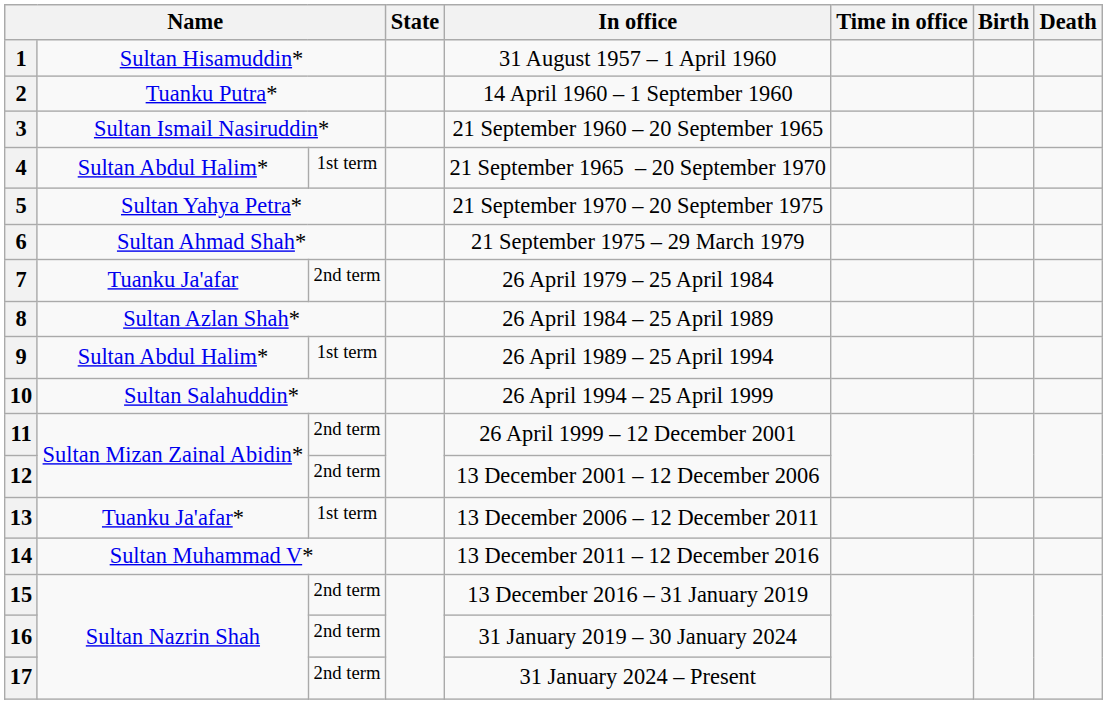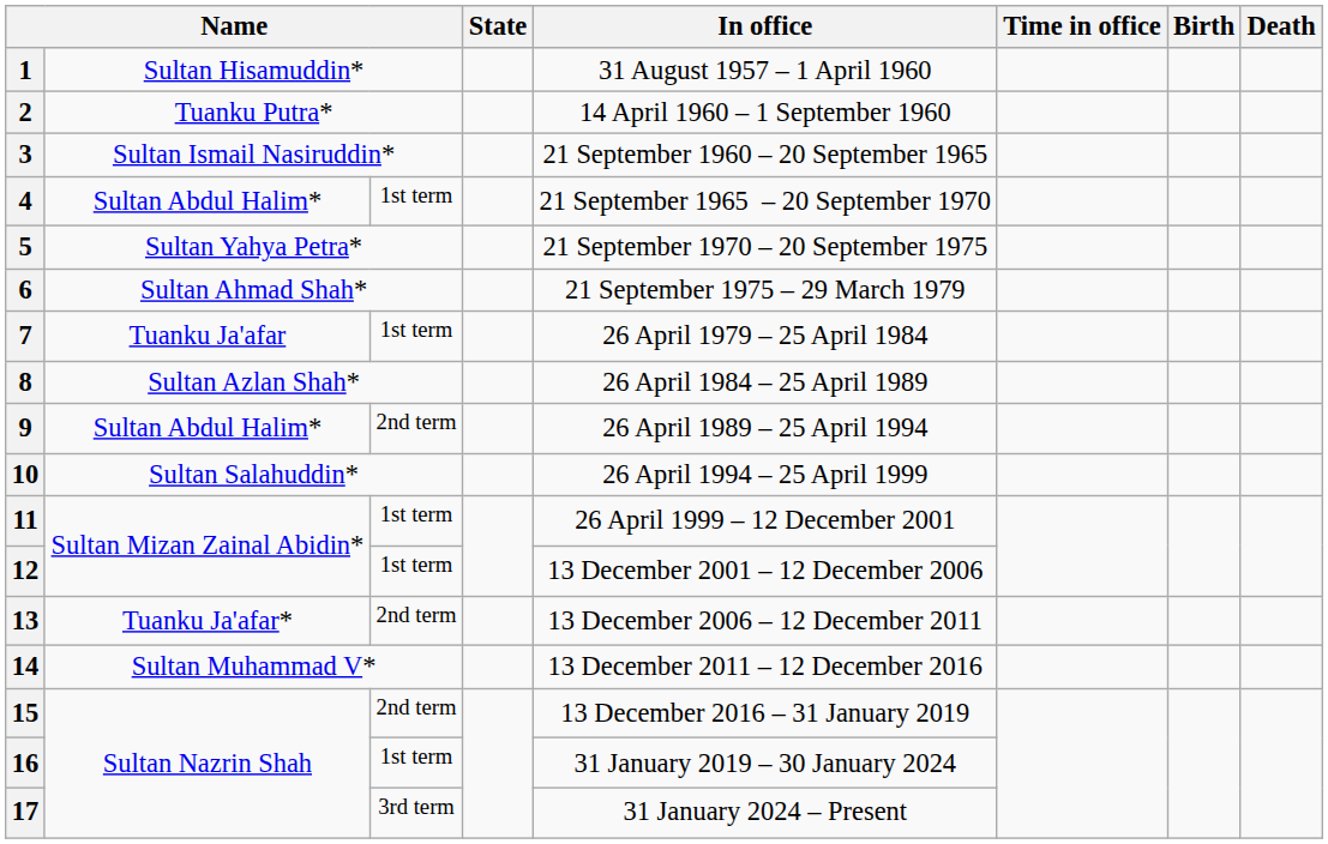 <table class="wikitable" style="text-align:center;">
 <tr style="background:#cccccc">
 <th colspan="3">Name</th>
 <th>State</th>
 <th>In office</th>
 <th>Time in office</th>
 <th>Birth</th>
 <th>Death</th>
 </tr>
 <tr>
 <th>1</th>
 <td colspan="2"><a href='#'>Sultan Hisamuddin</a>*</td>
 <td></td>
 <td>31 August 1957 – 1 April 1960</td>
 <td></td>
 <td></td>
 <td></td>
 </tr>
 <tr>
 <th>2</th>
 <td colspan="2"><a href='#'>Tuanku Putra</a>*</td>
 <td></td>
 <td>14 April 1960 – 1 September 1960</td>
 <td></td>
 <td></td>
 <td></td>
 </tr>
 <tr>
 <th>3</th>
 <td colspan="2"><a href='#'>Sultan Ismail Nasiruddin</a>*</td>
 <td></td>
 <td>21 September 1960 – 20 September 1965</td>
 <td></td>
 <td></td>
 <td></td>
 </tr>
 <tr>
 <th>4</th>
 <td><a href='#'>Sultan Abdul Halim</a>*</td>
 <td><sup>1st term</sup></td>
 <td></td>
 <td>21 September 1965  – 20 September 1970</td>
 <td></td>
 <td></td>
 <td></td>
 </tr>
 <tr>
 <th>5</th>
 <td colspan="2"><a href='#'>Sultan Yahya Petra</a>*</td>
 <td></td>
 <td>21 September 1970 – 20 September 1975</td>
 <td></td>
 <td></td>
 <td></td>
 </tr>
 <tr>
 <th>6</th>
 <td colspan="2"><a href='#'>Sultan Ahmad Shah</a>*</td>
 <td></td>
 <td>21 September 1975 – 29 March 1979</td>
 <td></td>
 <td></td>
 <td></td>
 </tr>
 <tr>
 <th>7</th>
 <td><a href='#'>Tuanku Ja'afar</a></td>
-<td><sup>2nd term</sup></td>
+<td><sup>1st term</sup></td>
 <td></td>
 <td>26 April 1979 – 25 April 1984</td>
 <td></td>
 <td></td>
 <td></td>
 </tr>
 <tr>
 <th>8</th>
 <td colspan="2"><a href='#'>Sultan Azlan Shah</a>*</td>
 <td></td>
 <td>26 April 1984 – 25 April 1989</td>
 <td></td>
 <td></td>
 <td></td>
 </tr>
 <tr>
 <th>9</th>
 <td><a href='#'>Sultan Abdul Halim</a>*</td>
-<td><sup>1st term</sup></td>
+<td><sup>2nd term</sup></td>
 <td></td>
 <td>26 April 1989 – 25 April 1994</td>
 <td></td>
 <td></td>
 <td></td>
 </tr>
 <tr>
 <th>10</th>
 <td colspan="2"><a href='#'>Sultan Salahuddin</a>*</td>
 <td></td>
 <td>26 April 1994 – 25 April 1999</td>
 <td></td>
 <td></td>
 <td></td>
 </tr>
 <tr>
 <th>11</th>
 <td rowspan="2"><a href='#'>Sultan Mizan Zainal Abidin</a>*</td>
-<td><sup>2nd term</sup></td>
+<td><sup>1st term</sup></td>
 <td rowspan="2"></td>
 <td>26 April 1999 – 12 December 2001</td>
 <td rowspan="2"></td>
 <td rowspan="2"></td>
 <td rowspan="2"></td>
 </tr>
 <tr>
 <th>12</th>
-<td><sup>2nd term</sup></td>
+<td><sup>1st term</sup></td>
 <td>13 December 2001 – 12 December 2006</td>
 </tr>
 <tr>
 <th>13</th>
 <td><a href='#'>Tuanku Ja'afar</a>*</td>
-<td><sup>1st term</sup></td>
+<td><sup>2nd term</sup></td>
 <td></td>
 <td>13 December 2006 – 12 December 2011</td>
 <td></td>
 <td></td>
 <td></td>
 </tr>
 <tr>
 <th>14</th>
 <td colspan="2"><a href='#'>Sultan Muhammad V</a>*</td>
 <td></td>
 <td>13 December 2011 – 12 December 2016</td>
 <td></td>
 <td></td>
 <td></td>
 </tr>
 <tr>
 <th>15</th>
 <td rowspan=3><a href='#'>Sultan Nazrin Shah</a></td>
 <td><sup>2nd term</sup></td>
 <td rowspan=3></td>
 <td>13 December 2016 – 31 January 2019</td>
 <td rowspan=3></td>
 <td rowspan=3></td>
 <td rowspan=3></td>
 </tr>
 <tr>
 <th>16</th>
-<td><sup>2nd term</sup></td>
+<td><sup>1st term</sup></td>
 <td>31 January 2019 – 30 January 2024</td>
 </tr>
 <tr>
 <th>17</th>
-<td><sup>2nd term</sup></td>
+<td><sup>3rd term</sup></td>
 <td>31 January 2024 – Present</td>
 </tr>
 </table>
